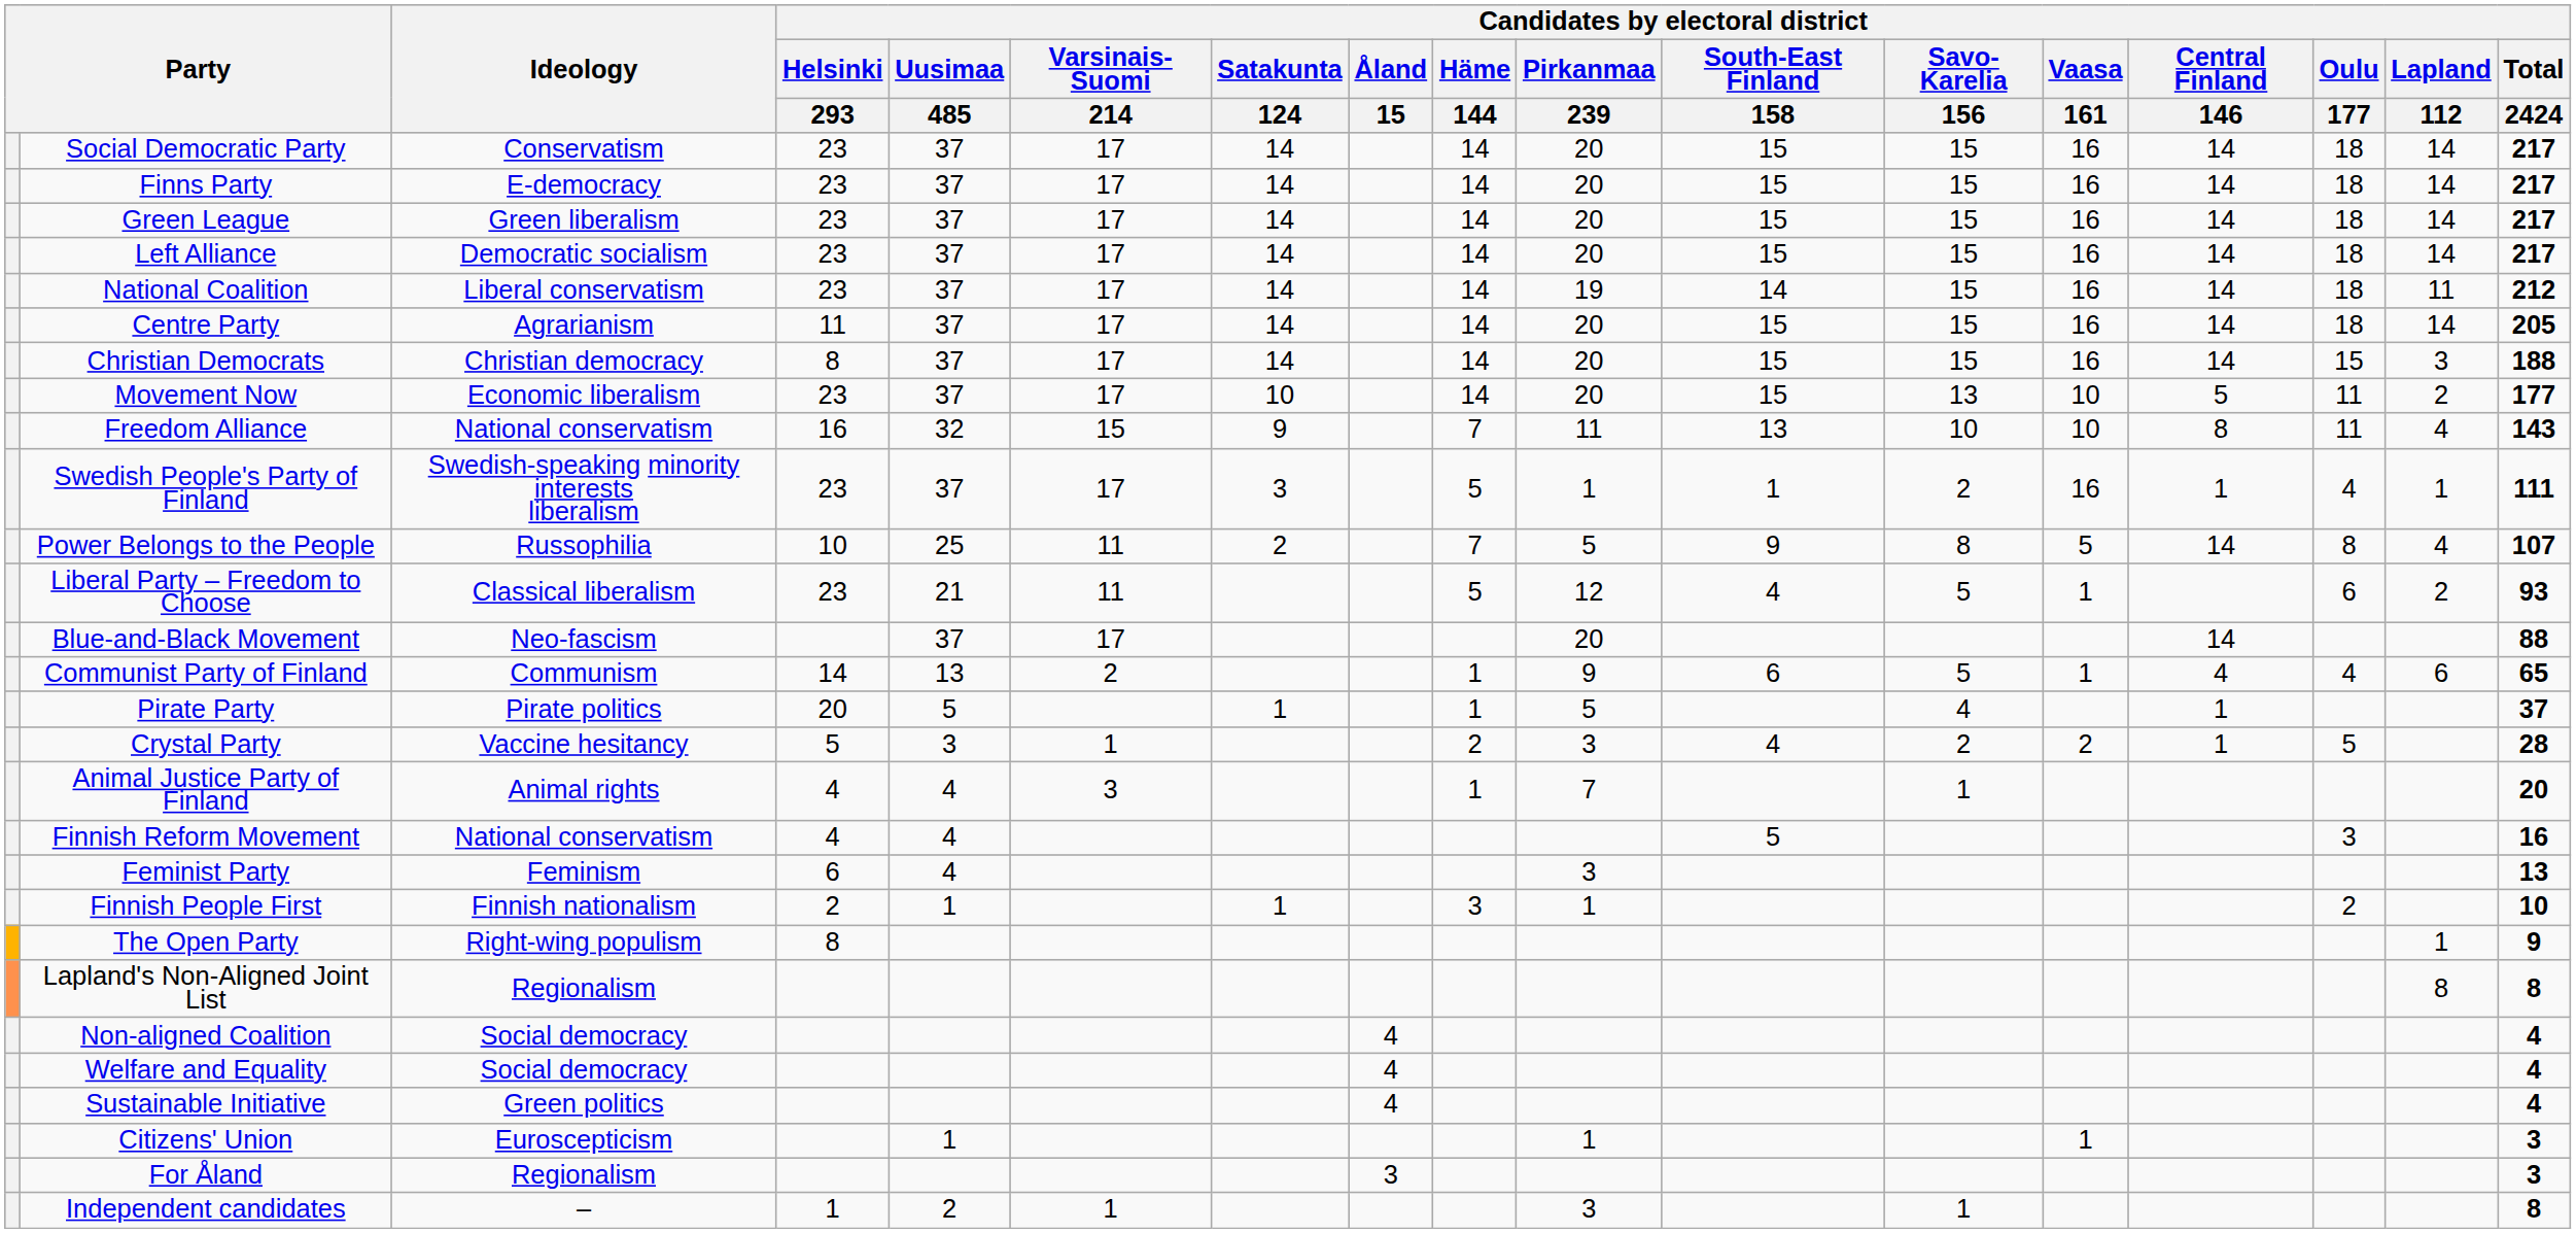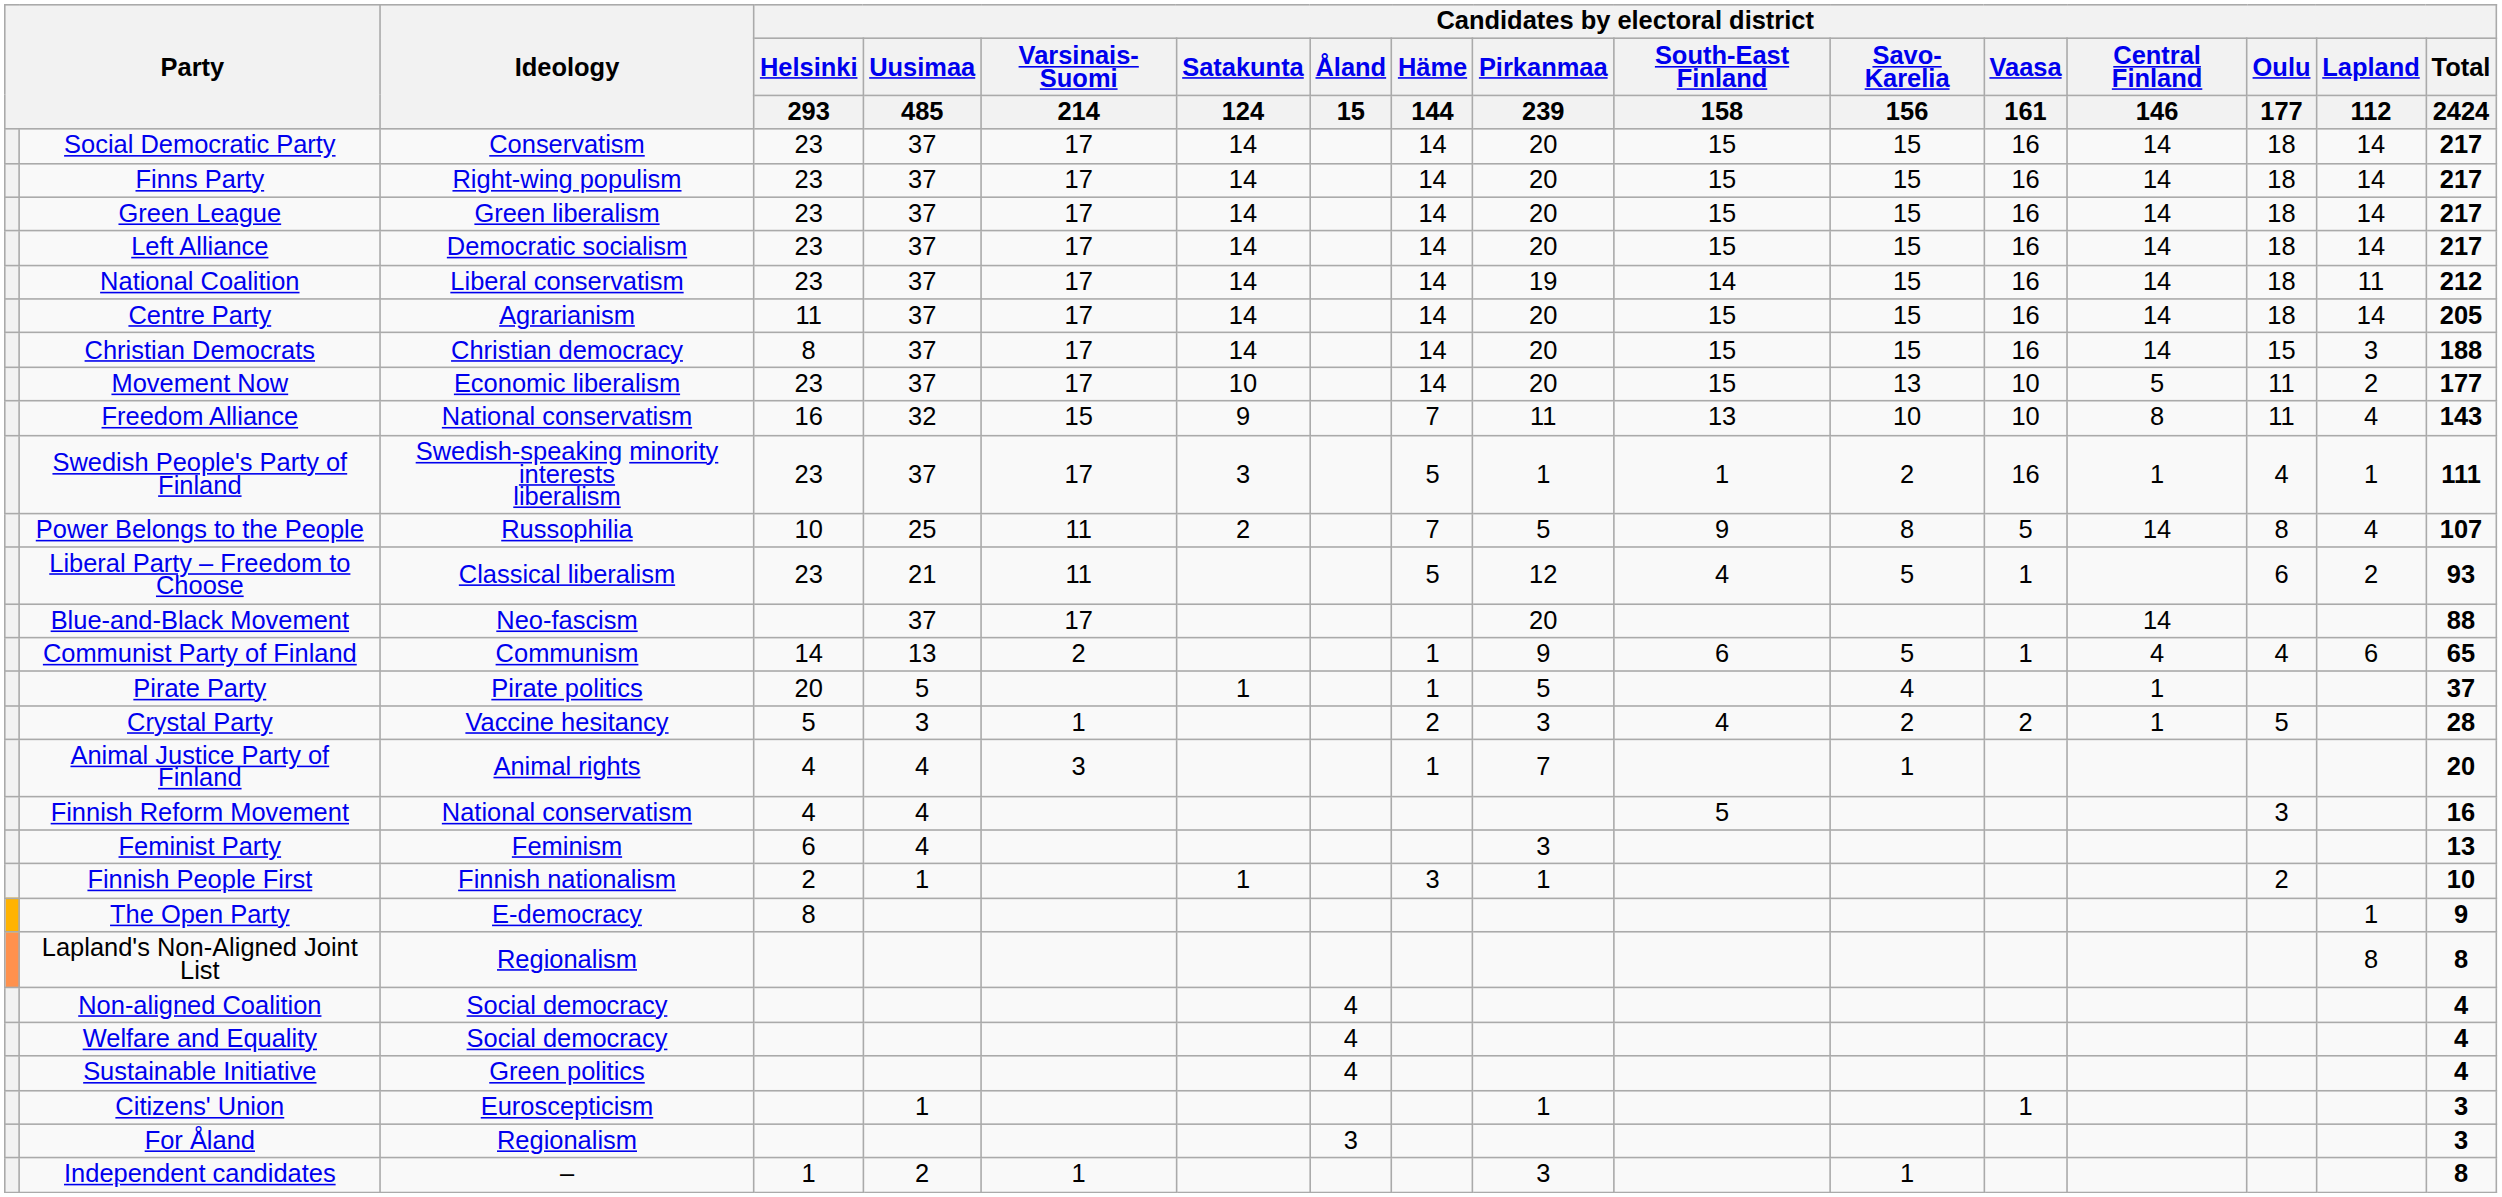 <table class="wikitable" style="line-height:14px; text-align:center">
 <tr>
 <th colspan="2" rowspan="3" style="width:100px">Party</th>
 <th rowspan="3">Ideology</th>
 <th colspan="14" style="width:120px">Candidates by electoral district</th>
 </tr>
 <tr>
 <th><a href='#'>Helsinki</a></th>
 <th><a href='#'>Uusimaa</a></th>
 <th><a href='#'>Varsinais-Suomi</a></th>
 <th><a href='#'>Satakunta</a></th>
 <th><a href='#'>Åland</a></th>
 <th><a href='#'>Häme</a></th>
 <th><a href='#'>Pirkanmaa</a></th>
 <th><a href='#'>South-East Finland</a></th>
 <th><a href='#'>Savo-Karelia</a></th>
 <th><a href='#'>Vaasa</a></th>
 <th><a href='#'>Central Finland</a></th>
 <th><a href='#'>Oulu</a></th>
 <th><a href='#'>Lapland</a></th>
 <th>Total</th>
 </tr>
 <tr>
 <th>293</th>
 <th>485</th>
 <th>214</th>
 <th>124</th>
 <th>15</th>
 <th>144</th>
 <th>239</th>
 <th>158</th>
 <th>156</th>
 <th>161</th>
 <th>146</th>
 <th>177</th>
 <th>112</th>
 <th>2424</th>
 </tr>
 <tr>
 <th style="background:"></th>
 <td><a href='#'>Social Democratic Party</a></td>
 <td><a href='#'>Conservatism</a></td>
 <td>23</td>
 <td>37</td>
 <td>17</td>
 <td>14</td>
 <td></td>
 <td>14</td>
 <td>20</td>
 <td>15</td>
 <td>15</td>
 <td>16</td>
 <td>14</td>
 <td>18</td>
 <td>14</td>
 <td><strong>217</strong></td>
 </tr>
 <tr>
 <th style="background:"></th>
 <td><a href='#'>Finns Party</a></td>
-<td><a href='#'>E-democracy</a></td>
+<td><a href='#'>Right-wing populism</a></td>
 <td>23</td>
 <td>37</td>
 <td>17</td>
 <td>14</td>
 <td></td>
 <td>14</td>
 <td>20</td>
 <td>15</td>
 <td>15</td>
 <td>16</td>
 <td>14</td>
 <td>18</td>
 <td>14</td>
 <td><strong>217</strong></td>
 </tr>
 <tr>
 <th style="background:"></th>
 <td><a href='#'>Green League</a></td>
 <td><a href='#'>Green liberalism</a></td>
 <td>23</td>
 <td>37</td>
 <td>17</td>
 <td>14</td>
 <td></td>
 <td>14</td>
 <td>20</td>
 <td>15</td>
 <td>15</td>
 <td>16</td>
 <td>14</td>
 <td>18</td>
 <td>14</td>
 <td><strong>217</strong></td>
 </tr>
 <tr>
 <th style="background:"></th>
 <td><a href='#'>Left Alliance</a></td>
 <td><a href='#'>Democratic socialism</a></td>
 <td>23</td>
 <td>37</td>
 <td>17</td>
 <td>14</td>
 <td></td>
 <td>14</td>
 <td>20</td>
 <td>15</td>
 <td>15</td>
 <td>16</td>
 <td>14</td>
 <td>18</td>
 <td>14</td>
 <td><strong>217</strong></td>
 </tr>
 <tr>
 <th style="background:"></th>
 <td><a href='#'>National Coalition</a></td>
 <td><a href='#'>Liberal conservatism</a></td>
 <td>23</td>
 <td>37</td>
 <td>17</td>
 <td>14</td>
 <td></td>
 <td>14</td>
 <td>19</td>
 <td>14</td>
 <td>15</td>
 <td>16</td>
 <td>14</td>
 <td>18</td>
 <td>11</td>
 <td><strong>212</strong></td>
 </tr>
 <tr>
 <th style="background:"></th>
 <td><a href='#'>Centre Party</a></td>
 <td><a href='#'>Agrarianism</a></td>
 <td>11</td>
 <td>37</td>
 <td>17</td>
 <td>14</td>
 <td></td>
 <td>14</td>
 <td>20</td>
 <td>15</td>
 <td>15</td>
 <td>16</td>
 <td>14</td>
 <td>18</td>
 <td>14</td>
 <td><strong>205</strong></td>
 </tr>
 <tr>
 <th style="background:"></th>
 <td><a href='#'>Christian Democrats</a></td>
 <td><a href='#'>Christian democracy</a></td>
 <td>8</td>
 <td>37</td>
 <td>17</td>
 <td>14</td>
 <td></td>
 <td>14</td>
 <td>20</td>
 <td>15</td>
 <td>15</td>
 <td>16</td>
 <td>14</td>
 <td>15</td>
 <td>3</td>
 <td><strong>188</strong></td>
 </tr>
 <tr>
 <th style="background:"></th>
 <td><a href='#'>Movement Now</a></td>
 <td><a href='#'>Economic liberalism</a></td>
 <td>23</td>
 <td>37</td>
 <td>17</td>
 <td>10</td>
 <td></td>
 <td>14</td>
 <td>20</td>
 <td>15</td>
 <td>13</td>
 <td>10</td>
 <td>5</td>
 <td>11</td>
 <td>2</td>
 <td><strong>177</strong></td>
 </tr>
 <tr>
 <th style="background:"></th>
 <td><a href='#'>Freedom Alliance</a></td>
 <td><a href='#'>National conservatism</a></td>
 <td>16</td>
 <td>32</td>
 <td>15</td>
 <td>9</td>
 <td></td>
 <td>7</td>
 <td>11</td>
 <td>13</td>
 <td>10</td>
 <td>10</td>
 <td>8</td>
 <td>11</td>
 <td>4</td>
 <td><strong>143</strong></td>
 </tr>
 <tr>
 <th style="background:"></th>
 <td><a href='#'>Swedish People's Party of Finland</a></td>
 <td><a href='#'>Swedish-speaking</a> <a href='#'>minority interests</a><br><a href='#'>liberalism</a></td>
 <td>23</td>
 <td>37</td>
 <td>17</td>
 <td>3</td>
 <td></td>
 <td>5</td>
 <td>1</td>
 <td>1</td>
 <td>2</td>
 <td>16</td>
 <td>1</td>
 <td>4</td>
 <td>1</td>
 <td><strong>111</strong></td>
 </tr>
 <tr>
 <th style="background:"></th>
 <td><a href='#'>Power Belongs to the People</a></td>
 <td><a href='#'>Russophilia</a></td>
 <td>10</td>
 <td>25</td>
 <td>11</td>
 <td>2</td>
 <td></td>
 <td>7</td>
 <td>5</td>
 <td>9</td>
 <td>8</td>
 <td>5</td>
 <td>14</td>
 <td>8</td>
 <td>4</td>
 <td><strong>107</strong></td>
 </tr>
 <tr>
 <th style="background:"></th>
 <td><a href='#'>Liberal Party – Freedom to Choose</a></td>
 <td><a href='#'>Classical liberalism</a></td>
 <td>23</td>
 <td>21</td>
 <td>11</td>
 <td></td>
 <td></td>
 <td>5</td>
 <td>12</td>
 <td>4</td>
 <td>5</td>
 <td>1</td>
 <td></td>
 <td>6</td>
 <td>2</td>
 <td><strong>93</strong></td>
 </tr>
 <tr>
 <th style="background:"></th>
 <td><a href='#'>Blue-and-Black Movement</a></td>
 <td><a href='#'>Neo-fascism</a></td>
 <td></td>
 <td>37</td>
 <td>17</td>
 <td></td>
 <td></td>
 <td></td>
 <td>20</td>
 <td></td>
 <td></td>
 <td></td>
 <td>14</td>
 <td></td>
 <td></td>
 <td><strong>88</strong></td>
 </tr>
 <tr>
 <th style="background:"></th>
 <td><a href='#'>Communist Party of Finland</a></td>
 <td><a href='#'>Communism</a></td>
 <td>14</td>
 <td>13</td>
 <td>2</td>
 <td></td>
 <td></td>
 <td>1</td>
 <td>9</td>
 <td>6</td>
 <td>5</td>
 <td>1</td>
 <td>4</td>
 <td>4</td>
 <td>6</td>
 <td><strong>65</strong></td>
 </tr>
 <tr>
 <th style="background:"></th>
 <td><a href='#'>Pirate Party</a></td>
 <td><a href='#'>Pirate politics</a></td>
 <td>20</td>
 <td>5</td>
 <td></td>
 <td>1</td>
 <td></td>
 <td>1</td>
 <td>5</td>
 <td></td>
 <td>4</td>
 <td></td>
 <td>1</td>
 <td></td>
 <td></td>
 <td><strong>37</strong></td>
 </tr>
 <tr>
 <th style="background:"></th>
 <td><a href='#'>Crystal Party</a></td>
 <td><a href='#'>Vaccine hesitancy</a></td>
 <td>5</td>
 <td>3</td>
 <td>1</td>
 <td></td>
 <td></td>
 <td>2</td>
 <td>3</td>
 <td>4</td>
 <td>2</td>
 <td>2</td>
 <td>1</td>
 <td>5</td>
 <td></td>
 <td><strong>28</strong></td>
 </tr>
 <tr>
 <th style="background:"></th>
 <td><a href='#'>Animal Justice Party of Finland</a></td>
 <td><a href='#'>Animal rights</a></td>
 <td>4</td>
 <td>4</td>
 <td>3</td>
 <td></td>
 <td></td>
 <td>1</td>
 <td>7</td>
 <td></td>
 <td>1</td>
 <td></td>
 <td></td>
 <td></td>
 <td></td>
 <td><strong>20</strong></td>
 </tr>
 <tr>
 <th style="background:"></th>
 <td><a href='#'>Finnish Reform Movement</a></td>
 <td><a href='#'>National conservatism</a></td>
 <td>4</td>
 <td>4</td>
 <td></td>
 <td></td>
 <td></td>
 <td></td>
 <td></td>
 <td>5</td>
 <td></td>
 <td></td>
 <td></td>
 <td>3</td>
 <td></td>
 <td><strong>16</strong></td>
 </tr>
 <tr>
 <th style="background:"></th>
 <td><a href='#'>Feminist Party</a></td>
 <td><a href='#'>Feminism</a></td>
 <td>6</td>
 <td>4</td>
 <td></td>
 <td></td>
 <td></td>
 <td></td>
 <td>3</td>
 <td></td>
 <td></td>
 <td></td>
 <td></td>
 <td></td>
 <td></td>
 <td><strong>13</strong></td>
 </tr>
 <tr>
 <th style="background:"></th>
 <td><a href='#'>Finnish People First</a></td>
 <td><a href='#'>Finnish nationalism</a></td>
 <td>2</td>
 <td>1</td>
 <td></td>
 <td>1</td>
 <td></td>
 <td>3</td>
 <td>1</td>
 <td></td>
 <td></td>
 <td></td>
 <td></td>
 <td>2</td>
 <td></td>
 <td><strong>10</strong></td>
 </tr>
 <tr>
 <th style="background:#FFB300; width:2px"></th>
 <td><a href='#'>The Open Party</a></td>
-<td><a href='#'>Right-wing populism</a></td>
+<td><a href='#'>E-democracy</a></td>
 <td>8</td>
 <td></td>
 <td></td>
 <td></td>
 <td></td>
 <td></td>
 <td></td>
 <td></td>
 <td></td>
 <td></td>
 <td></td>
 <td></td>
 <td>1</td>
 <td><strong>9</strong></td>
 </tr>
 <tr>
 <th style="background:#FF914D; width:2px"></th>
 <td>Lapland's Non-Aligned Joint List</td>
 <td><a href='#'>Regionalism</a></td>
 <td></td>
 <td></td>
 <td></td>
 <td></td>
 <td></td>
 <td></td>
 <td></td>
 <td></td>
 <td></td>
 <td></td>
 <td></td>
 <td></td>
 <td>8</td>
 <td><strong>8</strong></td>
 </tr>
 <tr>
 <th style="background:"></th>
 <td><a href='#'>Non-aligned Coalition</a></td>
 <td><a href='#'>Social democracy</a></td>
 <td></td>
 <td></td>
 <td></td>
 <td></td>
 <td>4</td>
 <td></td>
 <td></td>
 <td></td>
 <td></td>
 <td></td>
 <td></td>
 <td></td>
 <td></td>
 <td><strong>4</strong></td>
 </tr>
 <tr>
 <th style="background:"></th>
 <td><a href='#'>Welfare and Equality</a></td>
 <td><a href='#'>Social democracy</a></td>
 <td></td>
 <td></td>
 <td></td>
 <td></td>
 <td>4</td>
 <td></td>
 <td></td>
 <td></td>
 <td></td>
 <td></td>
 <td></td>
 <td></td>
 <td></td>
 <td><strong>4</strong></td>
 </tr>
 <tr>
 <th style="background:"></th>
 <td><a href='#'>Sustainable Initiative</a></td>
 <td><a href='#'>Green politics</a></td>
 <td></td>
 <td></td>
 <td></td>
 <td></td>
 <td>4</td>
 <td></td>
 <td></td>
 <td></td>
 <td></td>
 <td></td>
 <td></td>
 <td></td>
 <td></td>
 <td><strong>4</strong></td>
 </tr>
 <tr>
 <th style="background:"></th>
 <td><a href='#'>Citizens' Union</a></td>
 <td><a href='#'>Euroscepticism</a></td>
 <td></td>
 <td>1</td>
 <td></td>
 <td></td>
 <td></td>
 <td></td>
 <td>1</td>
 <td></td>
 <td></td>
 <td>1</td>
 <td></td>
 <td></td>
 <td></td>
 <td><strong>3</strong></td>
 </tr>
 <tr>
 <th style="background:"></th>
 <td><a href='#'>For Åland</a></td>
 <td><a href='#'>Regionalism</a></td>
 <td></td>
 <td></td>
 <td></td>
 <td></td>
 <td>3</td>
 <td></td>
 <td></td>
 <td></td>
 <td></td>
 <td></td>
 <td></td>
 <td></td>
 <td></td>
 <td><strong>3</strong></td>
 </tr>
 <tr>
 <th style="background:"></th>
 <td><a href='#'>Independent candidates</a></td>
 <td>–</td>
 <td>1</td>
 <td>2</td>
 <td>1</td>
 <td></td>
 <td></td>
 <td></td>
 <td>3</td>
 <td></td>
 <td>1</td>
 <td></td>
 <td></td>
 <td></td>
 <td></td>
 <td><strong>8</strong></td>
 </tr>
 </table>
